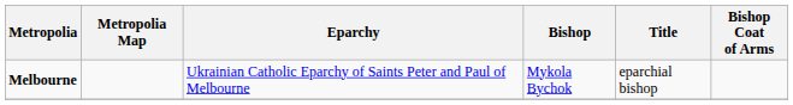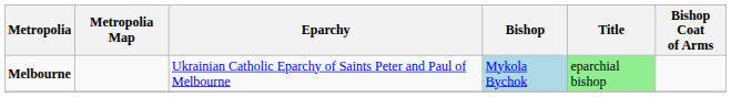 <table class="wikitable sortable">
 <tr>
 <th class=unsortable>Metropolia</th>
 <th class=unsortable>Metropolia Map</th>
 <th>Eparchy</th>
 <th>Bishop</th>
 <th>Title</th>
 <th class="unsortable">Bishop Coat<br>of Arms</th>
 </tr>
 <tr>
 <td rowspan="1"><strong>Melbourne</strong></td>
 <td rowspan="1"></td>
 <td rowspan="1"><a href='#'>Ukrainian Catholic Eparchy of Saints Peter and Paul of Melbourne</a></td>
-<td><a href='#'>Mykola Bychok</a></td>
-<td>eparchial bishop</td>
+<td style="background: lightblue;"><a href='#'>Mykola Bychok</a></td>
+<td style="background: lightgreen;">eparchial bishop</td>
 <td></td>
 </tr>
 <tr>
 </tr>
 </table>
